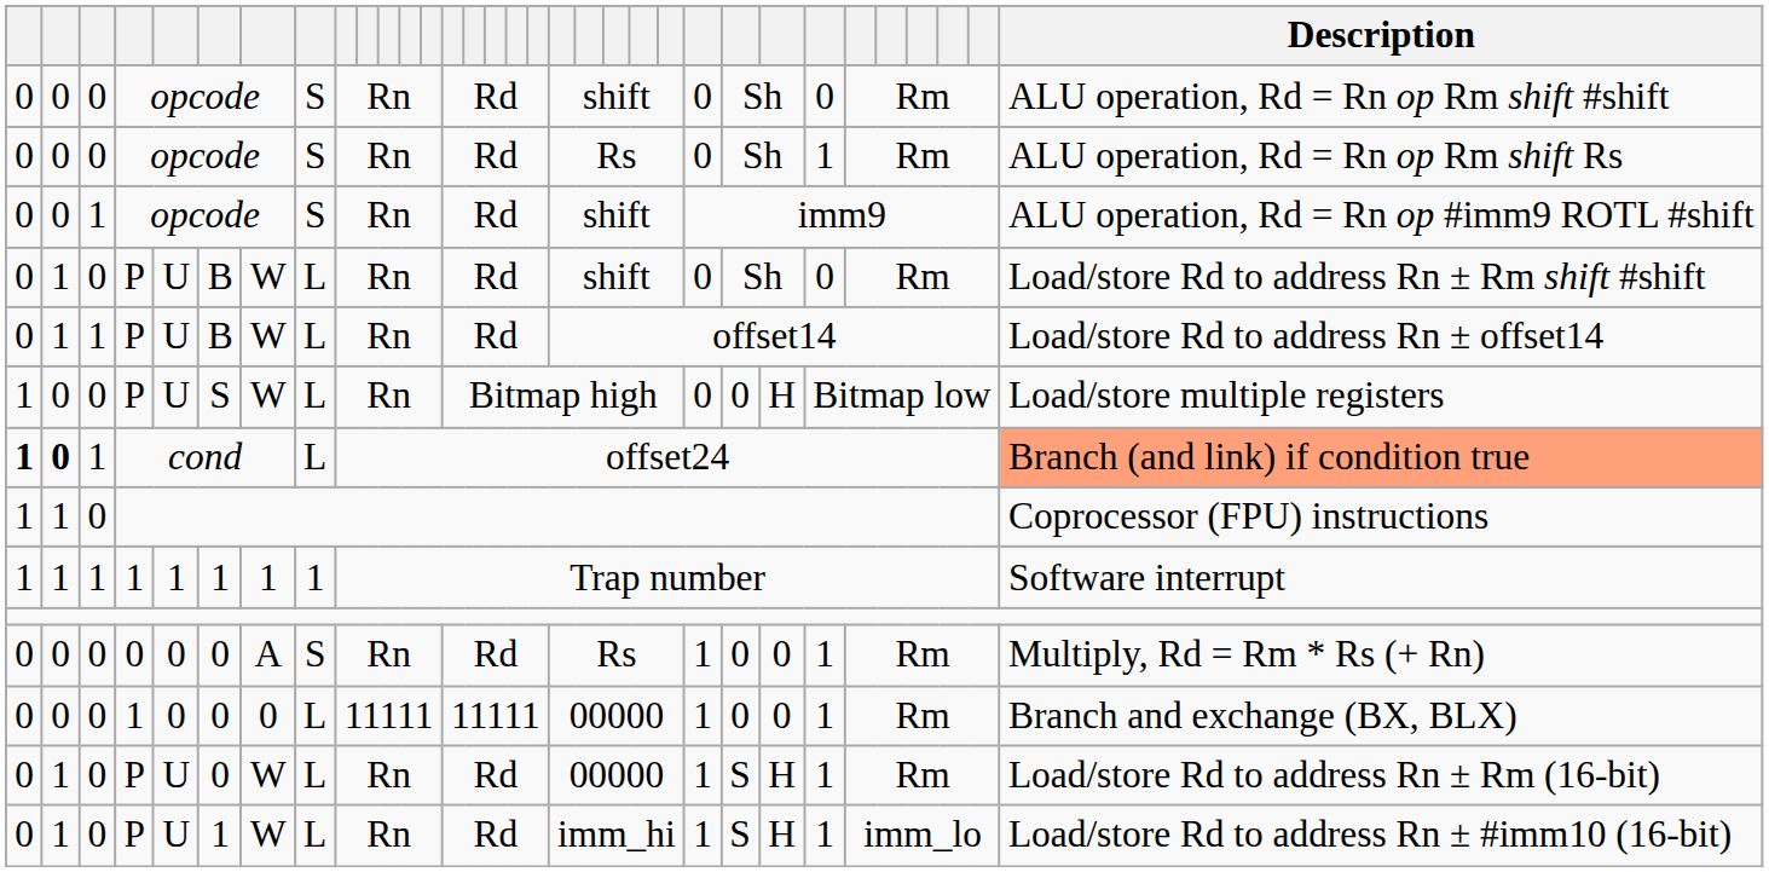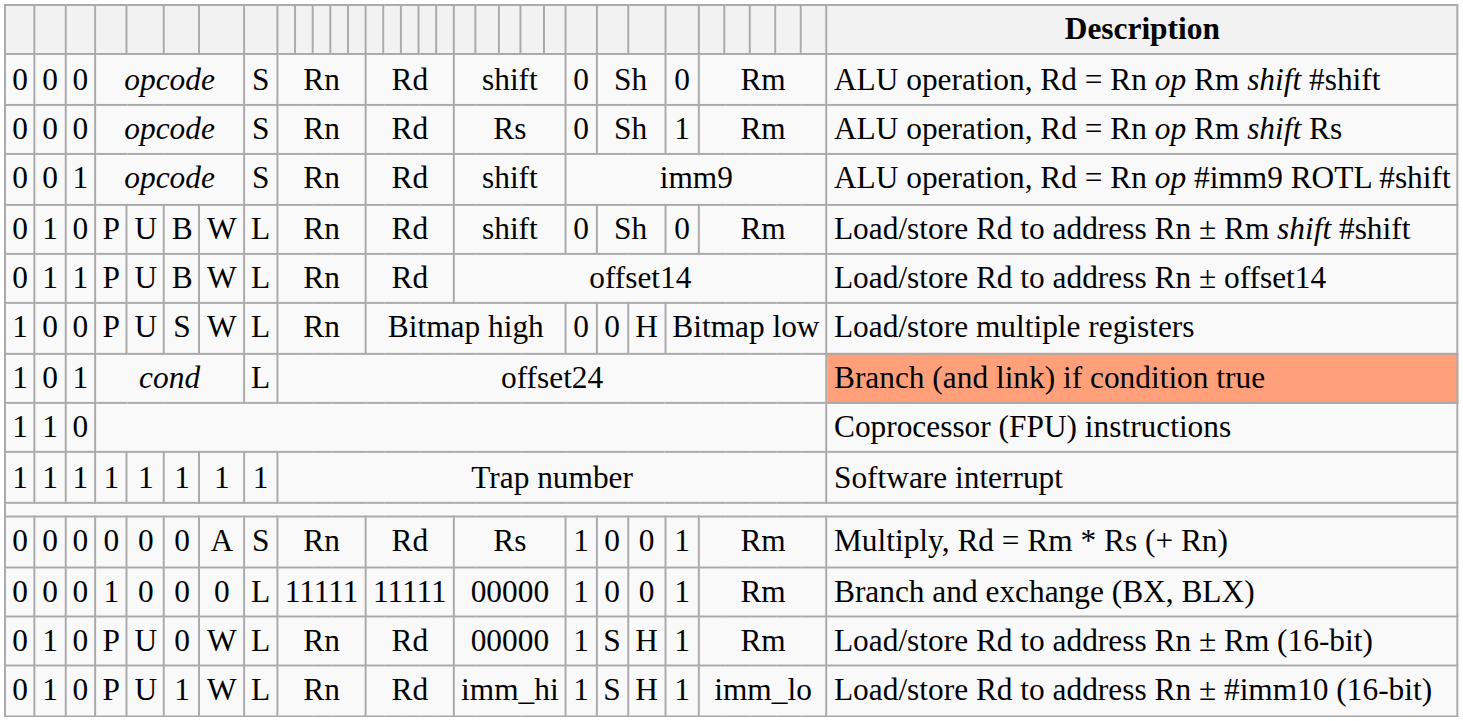 <table class="wikitable" style="text-align:center">
 <tr>
 <th></th>
 <th></th>
 <th></th>
 <th></th>
 <th></th>
 <th></th>
 <th></th>
 <th></th>
 <th></th>
 <th></th>
 <th></th>
 <th></th>
 <th></th>
 <th></th>
 <th></th>
 <th></th>
 <th></th>
 <th></th>
 <th></th>
 <th></th>
 <th></th>
 <th></th>
 <th></th>
 <th></th>
 <th></th>
 <th></th>
 <th></th>
 <th></th>
 <th></th>
 <th></th>
 <th></th>
 <th></th>
 <th>Description</th>
 </tr>
 <tr>
 <td>0</td>
 <td>0</td>
 <td>0</td>
 <td colspan=4><em>opcode</em></td>
 <td>S</td>
 <td colspan=5>Rn</td>
 <td colspan=5>Rd</td>
 <td colspan=5>shift</td>
 <td>0</td>
 <td colspan=2>Sh</td>
 <td>0</td>
 <td colspan=5>Rm</td>
 <td align=left>ALU operation, Rd = Rn <em>op</em> Rm <em>shift</em> #shift</td>
 </tr>
 <tr>
 <td>0</td>
 <td>0</td>
 <td>0</td>
 <td colspan=4><em>opcode</em></td>
 <td>S</td>
 <td colspan=5>Rn</td>
 <td colspan=5>Rd</td>
 <td colspan=5>Rs</td>
 <td>0</td>
 <td colspan=2>Sh</td>
 <td>1</td>
 <td colspan=5>Rm</td>
 <td align=left>ALU operation, Rd = Rn <em>op</em> Rm <em>shift</em> Rs</td>
 </tr>
 <tr>
 <td>0</td>
 <td>0</td>
 <td>1</td>
 <td colspan=4><em>opcode</em></td>
 <td>S</td>
 <td colspan=5>Rn</td>
 <td colspan=5>Rd</td>
 <td colspan=5>shift</td>
 <td colspan=9>imm9</td>
 <td align=left>ALU operation, Rd = Rn <em>op</em> #imm9 ROTL #shift</td>
 </tr>
 <tr>
 <td>0</td>
 <td>1</td>
 <td>0</td>
 <td>P</td>
 <td>U</td>
 <td>B</td>
 <td>W</td>
 <td>L</td>
 <td colspan=5>Rn</td>
 <td colspan=5>Rd</td>
 <td colspan=5>shift</td>
 <td>0</td>
 <td colspan=2>Sh</td>
 <td>0</td>
 <td colspan=5>Rm</td>
 <td align=left>Load/store Rd to address Rn ± Rm <em>shift</em> #shift</td>
 </tr>
 <tr>
 <td>0</td>
 <td>1</td>
 <td>1</td>
 <td>P</td>
 <td>U</td>
 <td>B</td>
 <td>W</td>
 <td>L</td>
 <td colspan=5>Rn</td>
 <td colspan=5>Rd</td>
 <td colspan=14>offset14</td>
 <td align=left>Load/store Rd to address Rn ± offset14</td>
 </tr>
 <tr>
 <td>1</td>
 <td>0</td>
 <td>0</td>
 <td>P</td>
 <td>U</td>
 <td>S</td>
 <td>W</td>
 <td>L</td>
 <td colspan=5>Rn</td>
 <td colspan=10>Bitmap high</td>
 <td>0</td>
 <td>0</td>
 <td>H</td>
 <td colspan=6>Bitmap low</td>
 <td align=left>Load/store multiple registers</td>
 </tr>
 <tr>
-<td><strong>1</strong></td>
-<td><strong>0</strong></td>
+<td>1</td>
+<td>0</td>
 <td>1</td>
 <td colspan=4><em>cond</em></td>
 <td>L</td>
 <td colspan=24>offset24</td>
 <td align=left style="background: lightsalmon;">Branch (and link) if condition true</td>
 </tr>
 <tr>
 <td>1</td>
 <td>1</td>
 <td>0</td>
 <td colspan=29></td>
 <td align=left>Coprocessor (FPU) instructions</td>
 </tr>
 <tr>
 <td>1</td>
 <td>1</td>
 <td>1</td>
 <td>1</td>
 <td>1</td>
 <td>1</td>
 <td>1</td>
 <td>1</td>
 <td colspan=24>Trap number</td>
 <td align=left>Software interrupt</td>
 </tr>
 <tr>
 <td colspan=33></td>
 </tr>
 <tr>
 <td>0</td>
 <td>0</td>
 <td>0</td>
 <td>0</td>
 <td>0</td>
 <td>0</td>
 <td>A</td>
 <td>S</td>
 <td colspan=5>Rn</td>
 <td colspan=5>Rd</td>
 <td colspan=5>Rs</td>
 <td>1</td>
 <td>0</td>
 <td>0</td>
 <td>1</td>
 <td colspan=5>Rm</td>
 <td align=left>Multiply, Rd = Rm * Rs (+ Rn)</td>
 </tr>
 <tr>
 <td>0</td>
 <td>0</td>
 <td>0</td>
 <td>1</td>
 <td>0</td>
 <td>0</td>
 <td>0</td>
 <td>L</td>
 <td colspan=5>11111</td>
 <td colspan=5>11111</td>
 <td colspan=5>00000</td>
 <td>1</td>
 <td>0</td>
 <td>0</td>
 <td>1</td>
 <td colspan=5>Rm</td>
 <td align=left>Branch and exchange (BX, BLX)</td>
 </tr>
 <tr>
 <td>0</td>
 <td>1</td>
 <td>0</td>
 <td>P</td>
 <td>U</td>
 <td>0</td>
 <td>W</td>
 <td>L</td>
 <td colspan=5>Rn</td>
 <td colspan=5>Rd</td>
 <td colspan=5>00000</td>
 <td>1</td>
 <td>S</td>
 <td>H</td>
 <td>1</td>
 <td colspan=5>Rm</td>
 <td align=left>Load/store Rd to address Rn ± Rm (16-bit)</td>
 </tr>
 <tr>
 <td>0</td>
 <td>1</td>
 <td>0</td>
 <td>P</td>
 <td>U</td>
 <td>1</td>
 <td>W</td>
 <td>L</td>
 <td colspan=5>Rn</td>
 <td colspan=5>Rd</td>
 <td colspan=5>imm_hi</td>
 <td>1</td>
 <td>S</td>
 <td>H</td>
 <td>1</td>
 <td colspan=5>imm_lo</td>
 <td align=left>Load/store Rd to address Rn ± #imm10 (16-bit)</td>
 </tr>
 </table>
